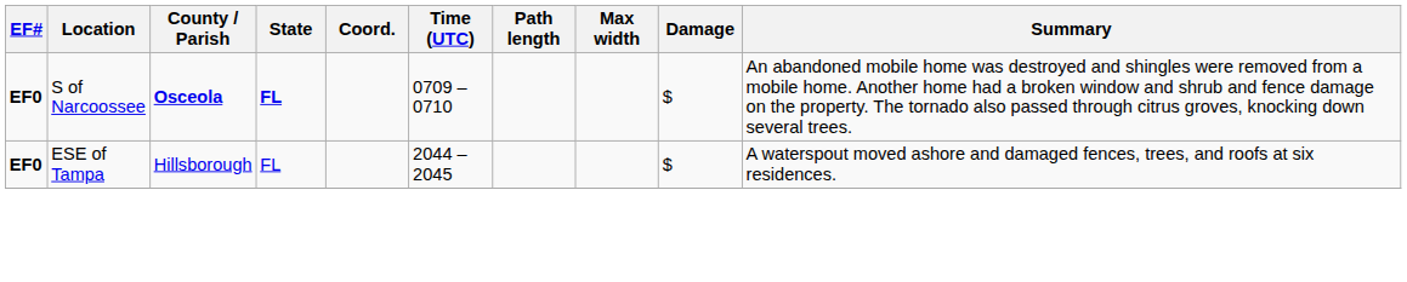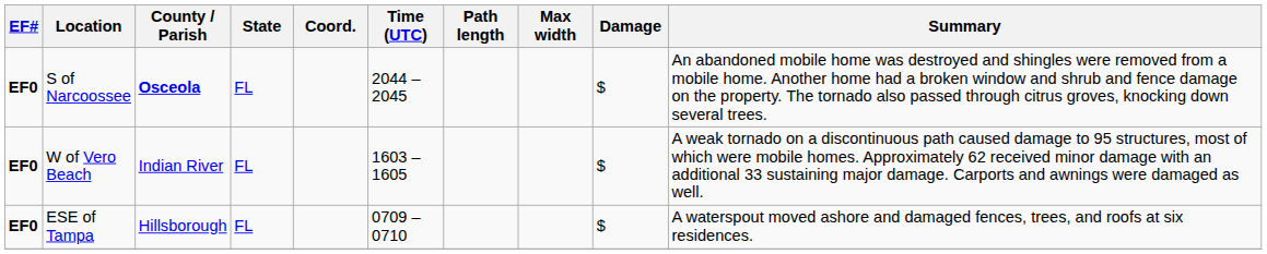 <table class="wikitable sortable" style="width:100%;">
 <tr>
 <th scope="col" width="3%" align="center"><a href='#'>EF#</a></th>
 <th scope="col" width="7%" align="center" class="unsortable">Location</th>
 <th scope="col" width="6%" align="center" class="unsortable">County / Parish</th>
 <th scope="col" width="5%" align="center">State</th>
 <th scope="col" width="6%" align="center">Coord.</th>
 <th scope="col" width="6%" align="center">Time (<a href='#'>UTC</a>)</th>
 <th scope="col" width="6%" align="center">Path length</th>
 <th scope="col" width="6%" align="center">Max width</th>
 <th scope="col" width="6%" align="center">Damage</th>
 <th scope="col" width="48%" class="unsortable" align="center">Summary</th>
 </tr>
 <tr>
 <td><strong>EF0</strong></td>
 <td>S of <a href='#'>Narcoossee</a></td>
 <td><strong><a href='#'>Osceola</a></strong></td>
-<td><strong><a href='#'>FL</a></strong></td>
+<td><a href='#'>FL</a></td>
 <td></td>
-<td>0709 – 0710</td>
+<td>2044 – 2045</td>
 <td></td>
 <td></td>
 <td>$</td>
 <td>An abandoned mobile home was destroyed and shingles were removed from a mobile home. Another home had a broken window and shrub and fence damage on the property. The tornado also passed through citrus groves, knocking down several trees.</td>
 </tr>
 <tr>
 <td><strong>EF0</strong></td>
+<td>W of <a href='#'>Vero Beach</a></td>
+<td><a href='#'>Indian River</a></td>
+<td><a href='#'>FL</a></td>
+<td></td>
+<td>1603 – 1605</td>
+<td></td>
+<td></td>
+<td>$</td>
+<td>A weak tornado on a discontinuous path caused damage to 95 structures, most of which were mobile homes. Approximately 62 received minor damage with an additional 33 sustaining major damage. Carports and awnings were damaged as well.</td>
+</tr>
+<tr>
+<td><strong>EF0</strong></td>
 <td>ESE of <a href='#'>Tampa</a></td>
 <td><a href='#'>Hillsborough</a></td>
 <td><a href='#'>FL</a></td>
 <td></td>
-<td>2044 – 2045</td>
+<td>0709 – 0710</td>
 <td></td>
 <td></td>
 <td>$</td>
 <td>A waterspout moved ashore and damaged fences, trees, and roofs at six residences.</td>
 </tr>
 <tr>
 </tr>
 </table>
